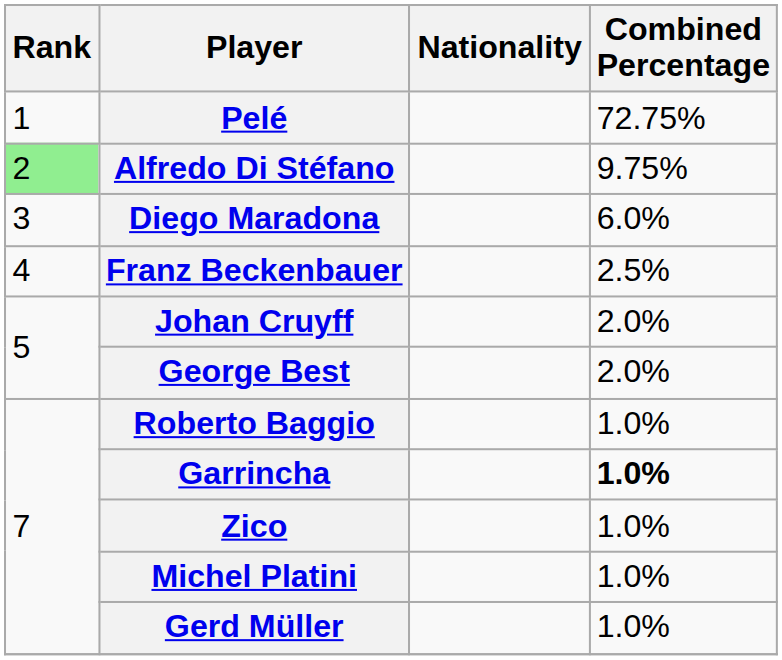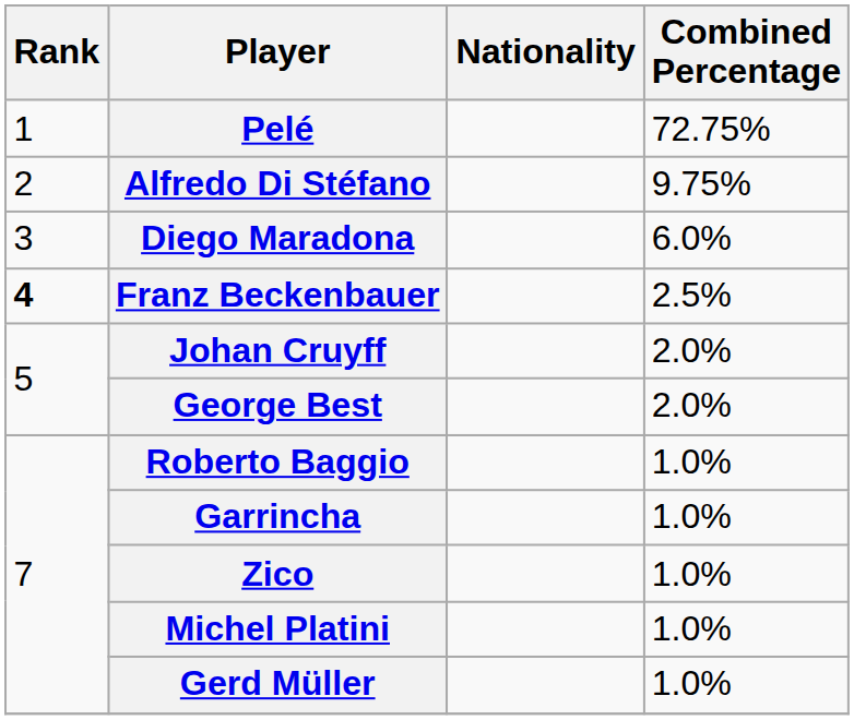 <table class="wikitable sortable">
 <tr>
 <th scope=col>Rank</th>
 <th scope=col>Player</th>
 <th scope=col>Nationality</th>
 <th scope=col>Combined<br>Percentage</th>
 </tr>
 <tr>
 <td>1</td>
 <th scope=row><a href='#'>Pelé</a></th>
 <td></td>
 <td>72.75%</td>
 </tr>
 <tr>
-<td style="background: lightgreen;">2</td>
+<td>2</td>
 <th scope=row><a href='#'>Alfredo Di Stéfano</a></th>
 <td><br></td>
 <td>9.75%</td>
 </tr>
 <tr>
 <td>3</td>
 <th scope=row><a href='#'>Diego Maradona</a></th>
 <td></td>
 <td>6.0%</td>
 </tr>
 <tr>
-<td>4</td>
+<td><strong>4</strong></td>
 <th scope=row><a href='#'>Franz Beckenbauer</a></th>
 <td></td>
 <td>2.5%</td>
 </tr>
 <tr>
 <td rowspan=2>5</td>
 <th scope=row><a href='#'>Johan Cruyff</a></th>
 <td></td>
 <td>2.0%</td>
 </tr>
 <tr>
 <th scope=row><a href='#'>George Best</a></th>
 <td></td>
 <td>2.0%</td>
 </tr>
 <tr>
 <td rowspan=5>7</td>
 <th scope=row><a href='#'>Roberto Baggio</a></th>
 <td></td>
 <td>1.0%</td>
 </tr>
 <tr>
 <th scope=row><a href='#'>Garrincha</a></th>
 <td></td>
-<td><strong>1.0%</strong></td>
+<td>1.0%</td>
 </tr>
 <tr>
 <th scope=row><a href='#'>Zico</a></th>
 <td></td>
 <td>1.0%</td>
 </tr>
 <tr>
 <th scope=row><a href='#'>Michel Platini</a></th>
 <td></td>
 <td>1.0%</td>
 </tr>
 <tr>
 <th scope=row><a href='#'>Gerd Müller</a></th>
 <td></td>
 <td>1.0%</td>
 </tr>
 <tr>
 </tr>
 </table>
